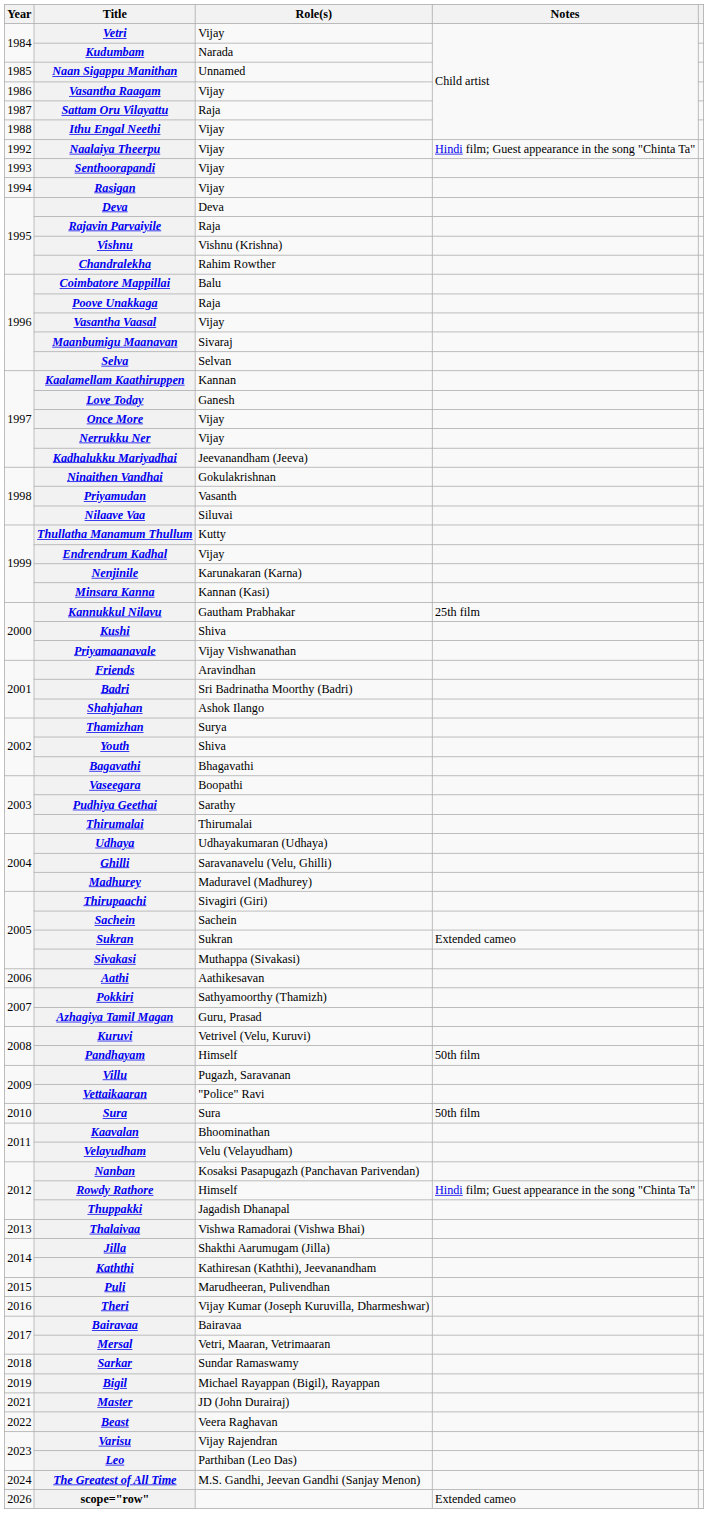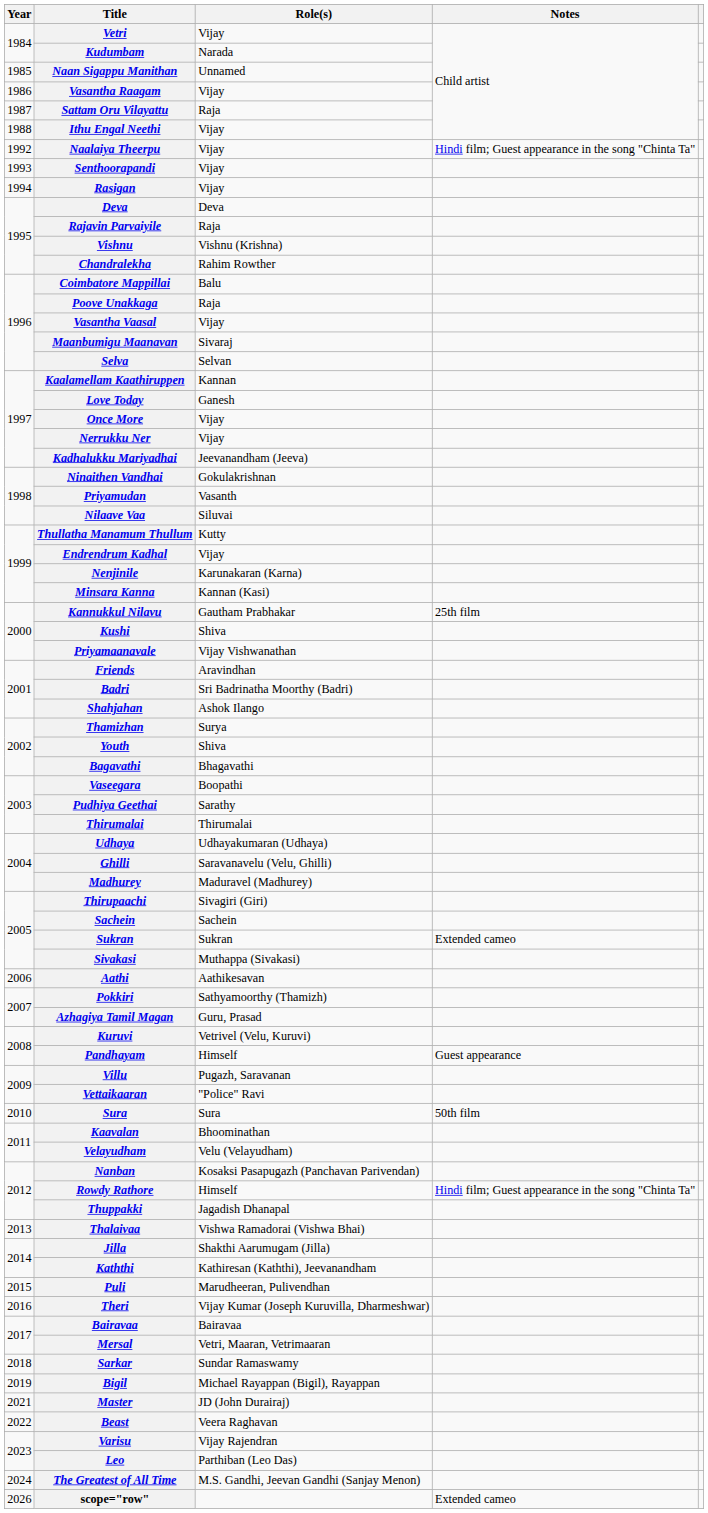 <table class="wikitable sortable plainrowheaders">
 <tr style="background:#ccc; text-align:center;">
 <th scope="col">Year</th>
 <th scope="col">Title</th>
 <th scope="col">Role(s)</th>
 <th scope="col" class="unsortable">Notes</th>
 <th scope="col" class="unsortable"></th>
 </tr>
 <tr>
 <td rowspan="2">1984</td>
 <th scope="row"><em><a href='#'>Vetri</a></em></th>
 <td>Vijay</td>
 <td rowspan="6">Child artist</td>
 <td style="text-align:center;"></td>
 </tr>
 <tr>
 <th scope="row"><em><a href='#'>Kudumbam</a></em></th>
 <td>Narada</td>
 <td style="text-align:center;"></td>
 </tr>
 <tr>
 <td>1985</td>
 <th scope="row"><em><a href='#'>Naan Sigappu Manithan</a></em></th>
 <td>Unnamed</td>
 <td style="text-align:center;"></td>
 </tr>
 <tr>
 <td>1986</td>
 <th scope="row"><em><a href='#'>Vasantha Raagam</a></em></th>
 <td>Vijay</td>
 <td style="text-align:center;"></td>
 </tr>
 <tr>
 <td>1987</td>
 <th scope="row"><em><a href='#'>Sattam Oru Vilayattu</a></em></th>
 <td>Raja</td>
 <td style="text-align:center;"></td>
 </tr>
 <tr>
 <td>1988</td>
 <th scope="row"><em><a href='#'>Ithu Engal Neethi</a></em></th>
 <td>Vijay</td>
 <td style="text-align:center;"></td>
 </tr>
 <tr>
 <td>1992</td>
 <th scope="row"><em><a href='#'>Naalaiya Theerpu</a></em></th>
 <td>Vijay</td>
 <td><a href='#'>Hindi</a> film; Guest appearance in the song "Chinta Ta"</td>
 <td style="text-align:center;"></td>
 </tr>
 <tr>
 <td>1993</td>
 <th scope="row"><em><a href='#'>Senthoorapandi</a></em></th>
 <td>Vijay</td>
 <td></td>
 <td style="text-align:center;"></td>
 </tr>
 <tr>
 <td>1994</td>
 <th scope="row"><em><a href='#'>Rasigan</a></em></th>
 <td>Vijay</td>
 <td></td>
 <td style="text-align:center;"></td>
 </tr>
 <tr>
 <td rowspan="4">1995</td>
 <th scope="row"><em><a href='#'>Deva</a></em></th>
 <td>Deva</td>
 <td></td>
 <td style="text-align:center;"></td>
 </tr>
 <tr>
 <th scope="row"><em><a href='#'>Rajavin Parvaiyile</a></em></th>
 <td>Raja</td>
 <td></td>
 <td style="text-align:center;"></td>
 </tr>
 <tr>
 <th scope="row"><em><a href='#'>Vishnu</a></em></th>
 <td>Vishnu (Krishna)</td>
 <td></td>
 <td style="text-align:center;"></td>
 </tr>
 <tr>
 <th scope="row"><em><a href='#'>Chandralekha</a></em></th>
 <td>Rahim Rowther</td>
 <td></td>
 <td style="text-align:center;"></td>
 </tr>
 <tr>
 <td rowspan="5">1996</td>
 <th scope="row"><em><a href='#'>Coimbatore Mappillai</a></em></th>
 <td>Balu</td>
 <td></td>
 <td style="text-align:center;"></td>
 </tr>
 <tr>
 <th scope="row"><em><a href='#'>Poove Unakkaga</a></em></th>
 <td>Raja</td>
 <td></td>
 <td style="text-align:center;"></td>
 </tr>
 <tr>
 <th scope="row"><em><a href='#'>Vasantha Vaasal</a></em></th>
 <td>Vijay</td>
 <td></td>
 <td style="text-align:center;"></td>
 </tr>
 <tr>
 <th scope="row"><em><a href='#'>Maanbumigu Maanavan</a></em></th>
 <td>Sivaraj</td>
 <td></td>
 <td style="text-align:center;"></td>
 </tr>
 <tr>
 <th scope="row"><em><a href='#'>Selva</a></em></th>
 <td>Selvan</td>
 <td></td>
 <td style="text-align:center;"></td>
 </tr>
 <tr>
 <td rowspan="5">1997</td>
 <th scope="row"><em><a href='#'>Kaalamellam Kaathiruppen</a></em></th>
 <td>Kannan</td>
 <td></td>
 <td style="text-align:center;"></td>
 </tr>
 <tr>
 <th scope="row"><em><a href='#'>Love Today</a></em></th>
 <td>Ganesh</td>
 <td></td>
 <td style="text-align:center;"></td>
 </tr>
 <tr>
 <th scope="row"><em><a href='#'>Once More</a></em></th>
 <td>Vijay</td>
 <td></td>
 <td style="text-align:center;"></td>
 </tr>
 <tr>
 <th scope="row"><em><a href='#'>Nerrukku Ner</a></em></th>
 <td>Vijay</td>
 <td></td>
 <td style="text-align:center;"></td>
 </tr>
 <tr>
 <th scope="row"><em><a href='#'>Kadhalukku Mariyadhai</a></em></th>
 <td>Jeevanandham (Jeeva)</td>
 <td></td>
 <td style="text-align:center;"></td>
 </tr>
 <tr>
 <td rowspan="3">1998</td>
 <th scope="row"><em><a href='#'>Ninaithen Vandhai</a></em></th>
 <td>Gokulakrishnan</td>
 <td></td>
 <td style="text-align:center;"></td>
 </tr>
 <tr>
 <th scope="row"><em><a href='#'>Priyamudan</a></em></th>
 <td>Vasanth</td>
 <td></td>
 <td style="text-align:center;"></td>
 </tr>
 <tr>
 <th scope="row"><em><a href='#'>Nilaave Vaa</a></em></th>
 <td>Siluvai</td>
 <td></td>
 <td style="text-align:center;"></td>
 </tr>
 <tr>
 <td rowspan="4">1999</td>
 <th scope="row"><em><a href='#'>Thullatha Manamum Thullum</a></em></th>
 <td>Kutty</td>
 <td></td>
 <td style="text-align:center;"></td>
 </tr>
 <tr>
 <th scope="row"><em><a href='#'>Endrendrum Kadhal</a></em></th>
 <td>Vijay</td>
 <td></td>
 <td style="text-align:center;"></td>
 </tr>
 <tr>
 <th scope="row"><em><a href='#'>Nenjinile</a></em></th>
 <td>Karunakaran (Karna)</td>
 <td></td>
 <td style="text-align:center;"></td>
 </tr>
 <tr>
 <th scope="row"><em><a href='#'>Minsara Kanna</a></em></th>
 <td>Kannan (Kasi)</td>
 <td></td>
 <td style="text-align:center;"></td>
 </tr>
 <tr>
 <td rowspan="3">2000</td>
 <th scope="row"><em><a href='#'>Kannukkul Nilavu</a></em></th>
 <td>Gautham Prabhakar</td>
 <td>25th film</td>
 <td style="text-align:center;"></td>
 </tr>
 <tr>
 <th scope="row"><em><a href='#'>Kushi</a></em></th>
 <td>Shiva</td>
 <td></td>
 <td style="text-align:center;"></td>
 </tr>
 <tr>
 <th scope="row"><em><a href='#'>Priyamaanavale</a></em></th>
 <td>Vijay Vishwanathan</td>
 <td></td>
 <td style="text-align:center;"></td>
 </tr>
 <tr>
 <td rowspan="3">2001</td>
 <th scope="row"><em><a href='#'>Friends</a></em></th>
 <td>Aravindhan</td>
 <td></td>
 <td style="text-align:center;"></td>
 </tr>
 <tr>
 <th scope="row"><em><a href='#'>Badri</a></em></th>
 <td>Sri Badrinatha Moorthy (Badri)</td>
 <td></td>
 <td style="text-align:center;"></td>
 </tr>
 <tr>
 <th scope="row"><em><a href='#'>Shahjahan</a></em></th>
 <td>Ashok Ilango</td>
 <td></td>
 <td style="text-align:center;"></td>
 </tr>
 <tr>
 <td rowspan="3">2002</td>
 <th scope="row"><em><a href='#'>Thamizhan</a></em></th>
 <td>Surya</td>
 <td></td>
 <td style="text-align:center;"></td>
 </tr>
 <tr>
 <th scope="row"><em><a href='#'>Youth</a></em></th>
 <td>Shiva</td>
 <td></td>
 <td style="text-align:center;"></td>
 </tr>
 <tr>
 <th scope="row"><em><a href='#'>Bagavathi</a></em></th>
 <td>Bhagavathi</td>
 <td></td>
 <td style="text-align:center;"></td>
 </tr>
 <tr>
 <td rowspan="3">2003</td>
 <th scope="row"><em><a href='#'>Vaseegara</a></em></th>
 <td>Boopathi</td>
 <td></td>
 <td style="text-align:center;"></td>
 </tr>
 <tr>
 <th scope="row"><em><a href='#'>Pudhiya Geethai</a></em></th>
 <td>Sarathy</td>
 <td></td>
 <td style="text-align:center;"></td>
 </tr>
 <tr>
 <th scope="row"><em><a href='#'>Thirumalai</a></em></th>
 <td>Thirumalai</td>
 <td></td>
 <td style="text-align:center;"></td>
 </tr>
 <tr>
 <td rowspan="3">2004</td>
 <th scope="row"><em><a href='#'>Udhaya</a></em></th>
 <td>Udhayakumaran (Udhaya)</td>
 <td></td>
 <td style="text-align:center;"></td>
 </tr>
 <tr>
 <th scope="row"><em><a href='#'>Ghilli</a></em></th>
 <td>Saravanavelu (Velu, Ghilli)</td>
 <td></td>
 <td style="text-align:center;"></td>
 </tr>
 <tr>
 <th scope="row"><em><a href='#'>Madhurey</a></em></th>
 <td>Maduravel (Madhurey)</td>
 <td></td>
 <td style="text-align:center;"></td>
 </tr>
 <tr>
 <td rowspan="4">2005</td>
 <th scope="row"><em><a href='#'>Thirupaachi</a></em></th>
 <td>Sivagiri (Giri)</td>
 <td></td>
 <td style="text-align:center;"></td>
 </tr>
 <tr>
 <th scope="row"><em><a href='#'>Sachein</a></em></th>
 <td>Sachein</td>
 <td></td>
 <td style="text-align:center;"></td>
 </tr>
 <tr>
 <th scope="row"><em><a href='#'>Sukran</a></em></th>
 <td>Sukran</td>
 <td>Extended cameo</td>
 <td style="text-align:center;"></td>
 </tr>
 <tr>
 <th scope="row"><em><a href='#'>Sivakasi</a></em></th>
 <td>Muthappa (Sivakasi)</td>
 <td></td>
 <td style="text-align:center;"></td>
 </tr>
 <tr>
 <td>2006</td>
 <th scope="row"><em><a href='#'>Aathi</a></em></th>
 <td>Aathikesavan</td>
 <td></td>
 <td style="text-align:center;"></td>
 </tr>
 <tr>
 <td rowspan="2">2007</td>
 <th scope="row"><em><a href='#'>Pokkiri</a></em></th>
 <td>Sathyamoorthy (Thamizh)</td>
 <td></td>
 <td style="text-align:center;"></td>
 </tr>
 <tr>
 <th scope="row"><em><a href='#'>Azhagiya Tamil Magan</a></em></th>
 <td>Guru, Prasad</td>
 <td></td>
 <td style="text-align:center;"></td>
 </tr>
 <tr>
 <td rowspan="2">2008</td>
 <th scope="row"><em><a href='#'>Kuruvi</a></em></th>
 <td>Vetrivel (Velu, Kuruvi)</td>
 <td></td>
 <td style="text-align:center;"></td>
 </tr>
 <tr>
 <th scope="row"><em><a href='#'>Pandhayam</a></em></th>
 <td>Himself</td>
-<td>50th film</td>
+<td>Guest appearance</td>
 <td style="text-align:center;"></td>
 </tr>
 <tr>
 <td rowspan="2">2009</td>
 <th scope="row"><em><a href='#'>Villu</a></em></th>
 <td>Pugazh, Saravanan</td>
 <td></td>
 <td style="text-align:center;"></td>
 </tr>
 <tr>
 <th scope="row"><em><a href='#'>Vettaikaaran</a></em></th>
 <td>"Police" Ravi</td>
 <td></td>
 <td style="text-align:center;"></td>
 </tr>
 <tr>
 <td>2010</td>
 <th scope="row"><em><a href='#'>Sura</a></em></th>
 <td>Sura</td>
 <td>50th film</td>
 <td style="text-align:center;"></td>
 </tr>
 <tr>
 <td rowspan="2">2011</td>
 <th scope="row"><em><a href='#'>Kaavalan</a></em></th>
 <td>Bhoominathan</td>
 <td></td>
 <td style="text-align:center;"></td>
 </tr>
 <tr>
 <th scope="row"><em><a href='#'>Velayudham</a></em></th>
 <td>Velu (Velayudham)</td>
 <td></td>
 <td style="text-align:center;"></td>
 </tr>
 <tr>
 <td rowspan="3">2012</td>
 <th scope="row"><em><a href='#'>Nanban</a></em></th>
 <td>Kosaksi Pasapugazh (Panchavan Parivendan)</td>
 <td></td>
 <td style="text-align:center;"></td>
 </tr>
 <tr>
 <th scope="row"><em><a href='#'>Rowdy Rathore</a></em></th>
 <td>Himself</td>
 <td><a href='#'>Hindi</a> film; Guest appearance in the song "Chinta Ta"</td>
 <td style="text-align:center;"></td>
 </tr>
 <tr>
 <th scope="row"><em><a href='#'>Thuppakki</a></em></th>
 <td>Jagadish Dhanapal</td>
 <td></td>
 <td style="text-align:center;"></td>
 </tr>
 <tr>
 <td>2013</td>
 <th scope="row"><em><a href='#'>Thalaivaa</a></em></th>
 <td>Vishwa Ramadorai (Vishwa Bhai)</td>
 <td></td>
 <td style="text-align:center;"></td>
 </tr>
 <tr>
 <td rowspan="2">2014</td>
 <th scope="row"><em><a href='#'>Jilla</a></em></th>
 <td>Shakthi Aarumugam (Jilla)</td>
 <td></td>
 <td style="text-align:center;"></td>
 </tr>
 <tr>
 <th scope="row"><em><a href='#'>Kaththi</a></em></th>
 <td>Kathiresan (Kaththi), Jeevanandham</td>
 <td></td>
 <td style="text-align:center;"></td>
 </tr>
 <tr>
 <td>2015</td>
 <th scope="row"><em><a href='#'>Puli</a></em></th>
 <td>Marudheeran, Pulivendhan</td>
 <td></td>
 <td style="text-align:center;"></td>
 </tr>
 <tr>
 <td>2016</td>
 <th scope="row"><em><a href='#'>Theri</a></em></th>
 <td>Vijay Kumar (Joseph Kuruvilla, Dharmeshwar)</td>
 <td></td>
 <td style="text-align:center;"></td>
 </tr>
 <tr>
 <td rowspan="2">2017</td>
 <th scope="row"><em><a href='#'>Bairavaa</a></em></th>
 <td>Bairavaa</td>
 <td></td>
 <td style="text-align:center;"></td>
 </tr>
 <tr>
 <th scope="row"><em><a href='#'>Mersal</a></em></th>
 <td>Vetri, Maaran, Vetrimaaran</td>
 <td></td>
 <td style="text-align:center;"></td>
 </tr>
 <tr>
 <td>2018</td>
 <th scope="row"><em><a href='#'>Sarkar</a></em></th>
 <td>Sundar Ramaswamy</td>
 <td></td>
 <td style="text-align:center;"></td>
 </tr>
 <tr>
 <td>2019</td>
 <th scope="row"><em><a href='#'>Bigil</a></em></th>
 <td>Michael Rayappan (Bigil), Rayappan</td>
 <td></td>
 <td style="text-align:center;"></td>
 </tr>
 <tr>
 <td>2021</td>
 <th scope="row"><em><a href='#'>Master</a></em></th>
 <td>JD (John Durairaj)</td>
 <td></td>
 <td style="text-align:center;"></td>
 </tr>
 <tr>
 <td>2022</td>
 <th scope="row"><em><a href='#'>Beast</a></em></th>
 <td>Veera Raghavan</td>
 <td></td>
 <td style="text-align: center;"></td>
 </tr>
 <tr>
 <td rowspan="2">2023</td>
 <th scope="row"><em><a href='#'>Varisu</a></em></th>
 <td>Vijay Rajendran</td>
 <td></td>
 <td style="text-align: center;"></td>
 </tr>
 <tr>
 <th scope="row"><em><a href='#'>Leo</a></em></th>
 <td>Parthiban (Leo Das)</td>
 <td></td>
 <td style="text-align: center;"></td>
 </tr>
 <tr>
 <td>2024</td>
 <th scope="row"><em><a href='#'>The Greatest of All Time</a></em></th>
 <td>M.S. Gandhi, Jeevan Gandhi (Sanjay Menon) </td>
 <td></td>
 <td style="text-align: center;"></td>
 </tr>
 <tr>
 <td>2026</td>
 <th>scope="row" </th>
 <td></td>
 <td>Extended cameo</td>
 <td style="text-align: center;"></td>
 </tr>
 </table>
